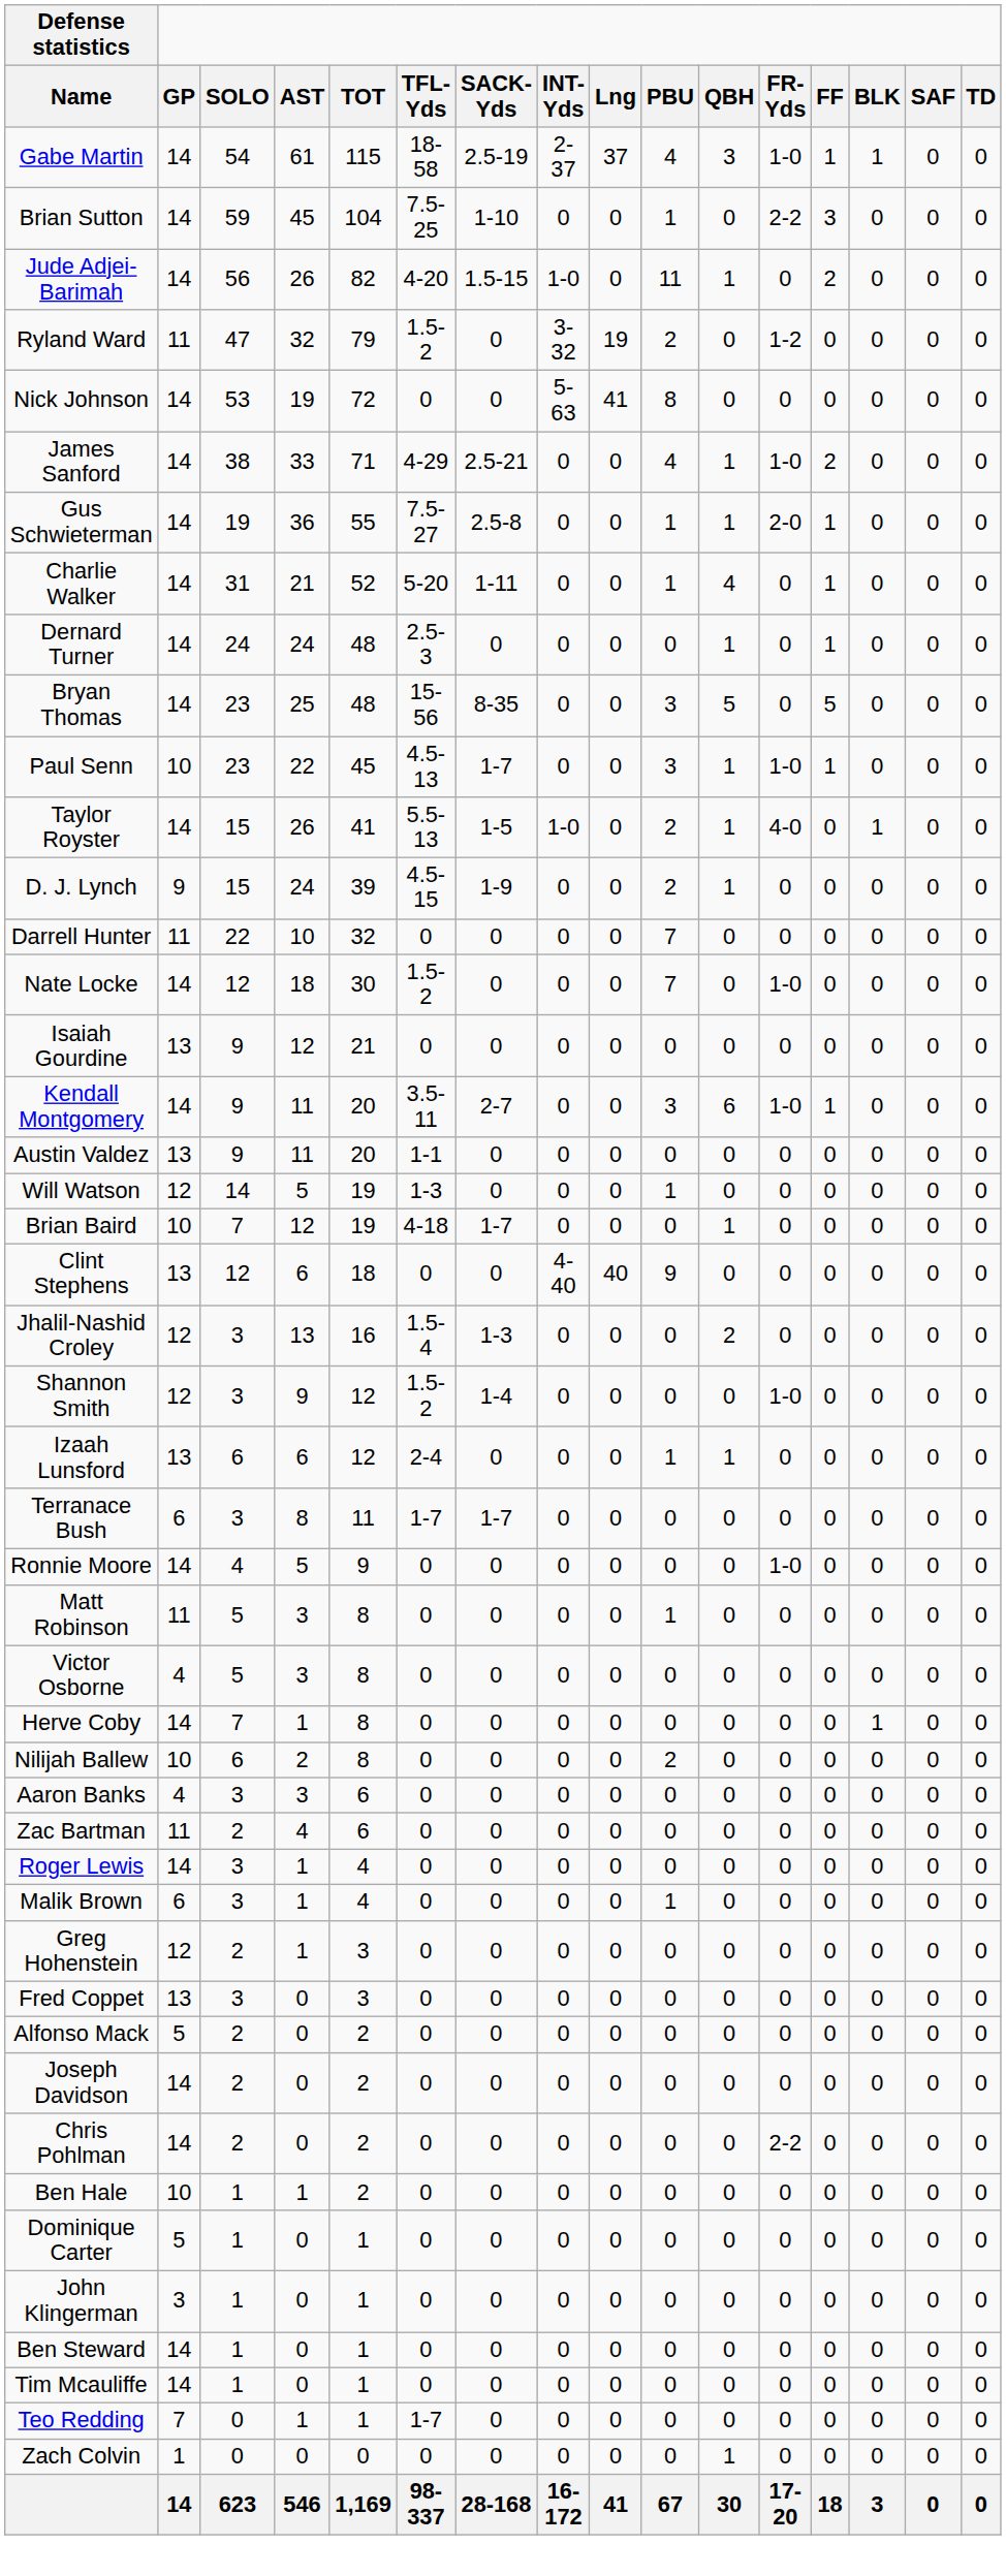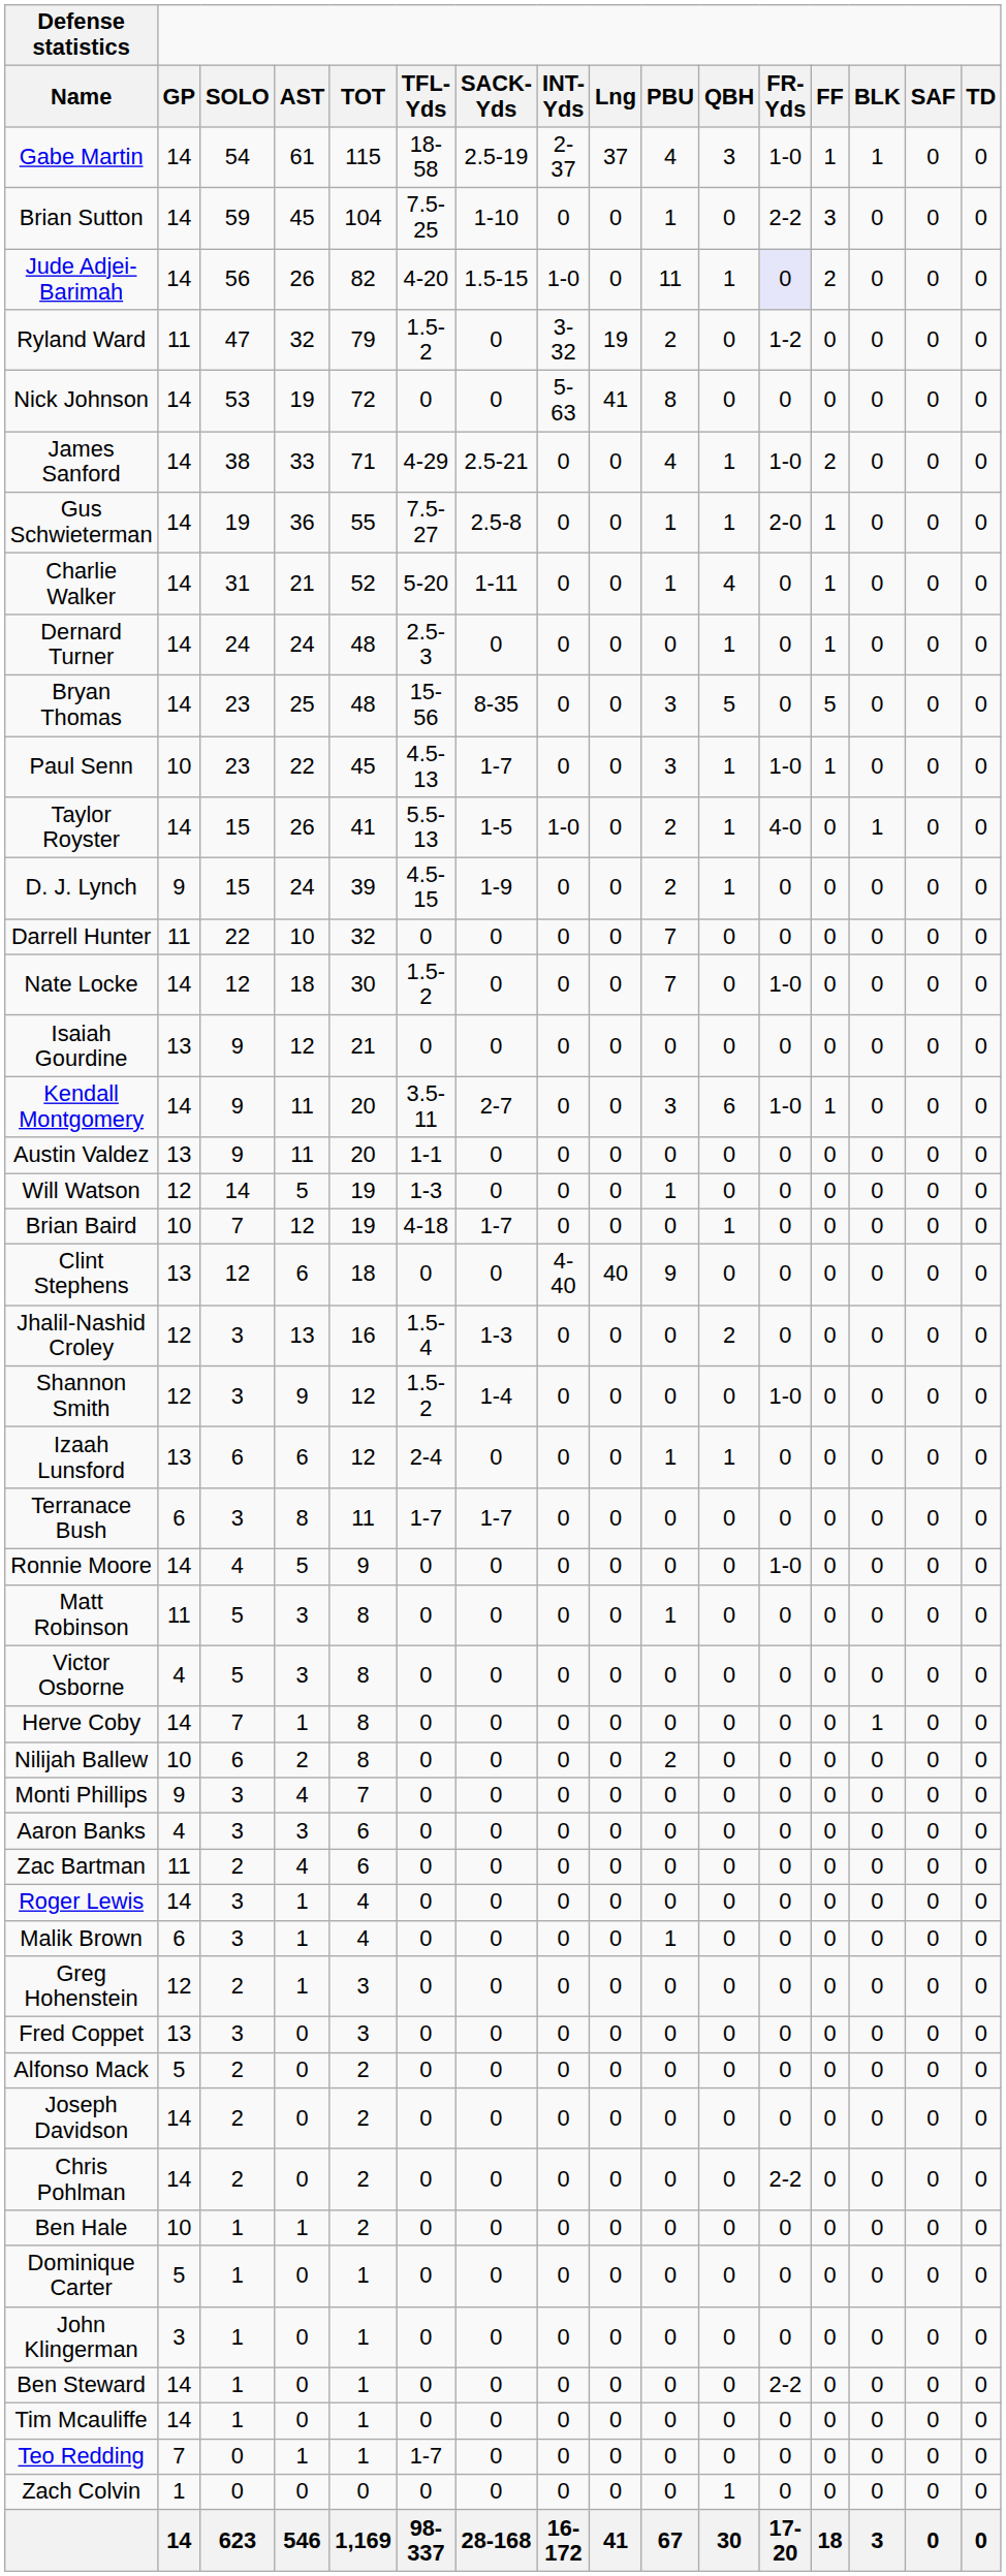 <table class="wikitable" style="text-align:center;">
 <tr>
 <th style="text-align:center; ">Defense statistics</th>
 </tr>
 <tr>
 <th>Name</th>
 <th>GP</th>
 <th>SOLO</th>
 <th>AST</th>
 <th>TOT</th>
 <th>TFL-Yds</th>
 <th>SACK-Yds</th>
 <th>INT-Yds</th>
 <th>Lng</th>
 <th>PBU</th>
 <th>QBH</th>
 <th>FR-Yds</th>
 <th>FF</th>
 <th>BLK</th>
 <th>SAF</th>
 <th>TD</th>
 </tr>
 <tr>
 <td><a href='#'>Gabe Martin</a></td>
 <td>14</td>
 <td>54</td>
 <td>61</td>
 <td>115</td>
 <td>18-58</td>
 <td>2.5-19</td>
 <td>2-37</td>
 <td>37</td>
 <td>4</td>
 <td>3</td>
 <td>1-0</td>
 <td>1</td>
 <td>1</td>
 <td>0</td>
 <td>0</td>
 </tr>
 <tr>
 <td>Brian Sutton</td>
 <td>14</td>
 <td>59</td>
 <td>45</td>
 <td>104</td>
 <td>7.5-25</td>
 <td>1-10</td>
 <td>0</td>
 <td>0</td>
 <td>1</td>
 <td>0</td>
 <td>2-2</td>
 <td>3</td>
 <td>0</td>
 <td>0</td>
 <td>0</td>
 </tr>
 <tr>
 <td><a href='#'>Jude Adjei-Barimah</a></td>
 <td>14</td>
 <td>56</td>
 <td>26</td>
 <td>82</td>
 <td>4-20</td>
 <td>1.5-15</td>
 <td>1-0</td>
 <td>0</td>
 <td>11</td>
 <td>1</td>
-<td>0</td>
+<td style="background: lavender;">0</td>
 <td>2</td>
 <td>0</td>
 <td>0</td>
 <td>0</td>
 </tr>
 <tr>
 <td>Ryland Ward</td>
 <td>11</td>
 <td>47</td>
 <td>32</td>
 <td>79</td>
 <td>1.5-2</td>
 <td>0</td>
 <td>3-32</td>
 <td>19</td>
 <td>2</td>
 <td>0</td>
 <td>1-2</td>
 <td>0</td>
 <td>0</td>
 <td>0</td>
 <td>0</td>
 </tr>
 <tr>
 <td>Nick Johnson</td>
 <td>14</td>
 <td>53</td>
 <td>19</td>
 <td>72</td>
 <td>0</td>
 <td>0</td>
 <td>5-63</td>
 <td>41</td>
 <td>8</td>
 <td>0</td>
 <td>0</td>
 <td>0</td>
 <td>0</td>
 <td>0</td>
 <td>0</td>
 </tr>
 <tr>
 <td>James Sanford</td>
 <td>14</td>
 <td>38</td>
 <td>33</td>
 <td>71</td>
 <td>4-29</td>
 <td>2.5-21</td>
 <td>0</td>
 <td>0</td>
 <td>4</td>
 <td>1</td>
 <td>1-0</td>
 <td>2</td>
 <td>0</td>
 <td>0</td>
 <td>0</td>
 </tr>
 <tr>
 <td>Gus Schwieterman</td>
 <td>14</td>
 <td>19</td>
 <td>36</td>
 <td>55</td>
 <td>7.5-27</td>
 <td>2.5-8</td>
 <td>0</td>
 <td>0</td>
 <td>1</td>
 <td>1</td>
 <td>2-0</td>
 <td>1</td>
 <td>0</td>
 <td>0</td>
 <td>0</td>
 </tr>
 <tr>
 <td>Charlie Walker</td>
 <td>14</td>
 <td>31</td>
 <td>21</td>
 <td>52</td>
 <td>5-20</td>
 <td>1-11</td>
 <td>0</td>
 <td>0</td>
 <td>1</td>
 <td>4</td>
 <td>0</td>
 <td>1</td>
 <td>0</td>
 <td>0</td>
 <td>0</td>
 </tr>
 <tr>
 <td>Dernard Turner</td>
 <td>14</td>
 <td>24</td>
 <td>24</td>
 <td>48</td>
 <td>2.5-3</td>
 <td>0</td>
 <td>0</td>
 <td>0</td>
 <td>0</td>
 <td>1</td>
 <td>0</td>
 <td>1</td>
 <td>0</td>
 <td>0</td>
 <td>0</td>
 </tr>
 <tr>
 <td>Bryan Thomas</td>
 <td>14</td>
 <td>23</td>
 <td>25</td>
 <td>48</td>
 <td>15-56</td>
 <td>8-35</td>
 <td>0</td>
 <td>0</td>
 <td>3</td>
 <td>5</td>
 <td>0</td>
 <td>5</td>
 <td>0</td>
 <td>0</td>
 <td>0</td>
 </tr>
 <tr>
 <td>Paul Senn</td>
 <td>10</td>
 <td>23</td>
 <td>22</td>
 <td>45</td>
 <td>4.5-13</td>
 <td>1-7</td>
 <td>0</td>
 <td>0</td>
 <td>3</td>
 <td>1</td>
 <td>1-0</td>
 <td>1</td>
 <td>0</td>
 <td>0</td>
 <td>0</td>
 </tr>
 <tr>
 <td>Taylor Royster</td>
 <td>14</td>
 <td>15</td>
 <td>26</td>
 <td>41</td>
 <td>5.5-13</td>
 <td>1-5</td>
 <td>1-0</td>
 <td>0</td>
 <td>2</td>
 <td>1</td>
 <td>4-0</td>
 <td>0</td>
 <td>1</td>
 <td>0</td>
 <td>0</td>
 </tr>
 <tr>
 <td>D. J. Lynch</td>
 <td>9</td>
 <td>15</td>
 <td>24</td>
 <td>39</td>
 <td>4.5-15</td>
 <td>1-9</td>
 <td>0</td>
 <td>0</td>
 <td>2</td>
 <td>1</td>
 <td>0</td>
 <td>0</td>
 <td>0</td>
 <td>0</td>
 <td>0</td>
 </tr>
 <tr>
 <td>Darrell Hunter</td>
 <td>11</td>
 <td>22</td>
 <td>10</td>
 <td>32</td>
 <td>0</td>
 <td>0</td>
 <td>0</td>
 <td>0</td>
 <td>7</td>
 <td>0</td>
 <td>0</td>
 <td>0</td>
 <td>0</td>
 <td>0</td>
 <td>0</td>
 </tr>
 <tr>
 <td>Nate Locke</td>
 <td>14</td>
 <td>12</td>
 <td>18</td>
 <td>30</td>
 <td>1.5-2</td>
 <td>0</td>
 <td>0</td>
 <td>0</td>
 <td>7</td>
 <td>0</td>
 <td>1-0</td>
 <td>0</td>
 <td>0</td>
 <td>0</td>
 <td>0</td>
 </tr>
 <tr>
 <td>Isaiah Gourdine</td>
 <td>13</td>
 <td>9</td>
 <td>12</td>
 <td>21</td>
 <td>0</td>
 <td>0</td>
 <td>0</td>
 <td>0</td>
 <td>0</td>
 <td>0</td>
 <td>0</td>
 <td>0</td>
 <td>0</td>
 <td>0</td>
 <td>0</td>
 </tr>
 <tr>
 <td><a href='#'>Kendall Montgomery</a></td>
 <td>14</td>
 <td>9</td>
 <td>11</td>
 <td>20</td>
 <td>3.5-11</td>
 <td>2-7</td>
 <td>0</td>
 <td>0</td>
 <td>3</td>
 <td>6</td>
 <td>1-0</td>
 <td>1</td>
 <td>0</td>
 <td>0</td>
 <td>0</td>
 </tr>
 <tr>
 <td>Austin Valdez</td>
 <td>13</td>
 <td>9</td>
 <td>11</td>
 <td>20</td>
 <td>1-1</td>
 <td>0</td>
 <td>0</td>
 <td>0</td>
 <td>0</td>
 <td>0</td>
 <td>0</td>
 <td>0</td>
 <td>0</td>
 <td>0</td>
 <td>0</td>
 </tr>
 <tr>
 <td>Will Watson</td>
 <td>12</td>
 <td>14</td>
 <td>5</td>
 <td>19</td>
 <td>1-3</td>
 <td>0</td>
 <td>0</td>
 <td>0</td>
 <td>1</td>
 <td>0</td>
 <td>0</td>
 <td>0</td>
 <td>0</td>
 <td>0</td>
 <td>0</td>
 </tr>
 <tr>
 <td>Brian Baird</td>
 <td>10</td>
 <td>7</td>
 <td>12</td>
 <td>19</td>
 <td>4-18</td>
 <td>1-7</td>
 <td>0</td>
 <td>0</td>
 <td>0</td>
 <td>1</td>
 <td>0</td>
 <td>0</td>
 <td>0</td>
 <td>0</td>
 <td>0</td>
 </tr>
 <tr>
 <td>Clint Stephens</td>
 <td>13</td>
 <td>12</td>
 <td>6</td>
 <td>18</td>
 <td>0</td>
 <td>0</td>
 <td>4-40</td>
 <td>40</td>
 <td>9</td>
 <td>0</td>
 <td>0</td>
 <td>0</td>
 <td>0</td>
 <td>0</td>
 <td>0</td>
 </tr>
 <tr>
 <td>Jhalil-Nashid Croley</td>
 <td>12</td>
 <td>3</td>
 <td>13</td>
 <td>16</td>
 <td>1.5-4</td>
 <td>1-3</td>
 <td>0</td>
 <td>0</td>
 <td>0</td>
 <td>2</td>
 <td>0</td>
 <td>0</td>
 <td>0</td>
 <td>0</td>
 <td>0</td>
 </tr>
 <tr>
 <td>Shannon Smith</td>
 <td>12</td>
 <td>3</td>
 <td>9</td>
 <td>12</td>
 <td>1.5-2</td>
 <td>1-4</td>
 <td>0</td>
 <td>0</td>
 <td>0</td>
 <td>0</td>
 <td>1-0</td>
 <td>0</td>
 <td>0</td>
 <td>0</td>
 <td>0</td>
 </tr>
 <tr>
 <td>Izaah Lunsford</td>
 <td>13</td>
 <td>6</td>
 <td>6</td>
 <td>12</td>
 <td>2-4</td>
 <td>0</td>
 <td>0</td>
 <td>0</td>
 <td>1</td>
 <td>1</td>
 <td>0</td>
 <td>0</td>
 <td>0</td>
 <td>0</td>
 <td>0</td>
 </tr>
 <tr>
 <td>Terranace Bush</td>
 <td>6</td>
 <td>3</td>
 <td>8</td>
 <td>11</td>
 <td>1-7</td>
 <td>1-7</td>
 <td>0</td>
 <td>0</td>
 <td>0</td>
 <td>0</td>
 <td>0</td>
 <td>0</td>
 <td>0</td>
 <td>0</td>
 <td>0</td>
 </tr>
 <tr>
 <td>Ronnie Moore</td>
 <td>14</td>
 <td>4</td>
 <td>5</td>
 <td>9</td>
 <td>0</td>
 <td>0</td>
 <td>0</td>
 <td>0</td>
 <td>0</td>
 <td>0</td>
 <td>1-0</td>
 <td>0</td>
 <td>0</td>
 <td>0</td>
 <td>0</td>
 </tr>
 <tr>
 <td>Matt Robinson</td>
 <td>11</td>
 <td>5</td>
 <td>3</td>
 <td>8</td>
 <td>0</td>
 <td>0</td>
 <td>0</td>
 <td>0</td>
 <td>1</td>
 <td>0</td>
 <td>0</td>
 <td>0</td>
 <td>0</td>
 <td>0</td>
 <td>0</td>
 </tr>
 <tr>
 <td>Victor Osborne</td>
 <td>4</td>
 <td>5</td>
 <td>3</td>
 <td>8</td>
 <td>0</td>
 <td>0</td>
 <td>0</td>
 <td>0</td>
 <td>0</td>
 <td>0</td>
 <td>0</td>
 <td>0</td>
 <td>0</td>
 <td>0</td>
 <td>0</td>
 </tr>
 <tr>
 <td>Herve Coby</td>
 <td>14</td>
 <td>7</td>
 <td>1</td>
 <td>8</td>
 <td>0</td>
 <td>0</td>
 <td>0</td>
 <td>0</td>
 <td>0</td>
 <td>0</td>
 <td>0</td>
 <td>0</td>
 <td>1</td>
 <td>0</td>
 <td>0</td>
 </tr>
 <tr>
 <td>Nilijah Ballew</td>
 <td>10</td>
 <td>6</td>
 <td>2</td>
 <td>8</td>
 <td>0</td>
 <td>0</td>
 <td>0</td>
 <td>0</td>
 <td>2</td>
 <td>0</td>
 <td>0</td>
 <td>0</td>
 <td>0</td>
 <td>0</td>
 <td>0</td>
 </tr>
 <tr>
+<td>Monti Phillips</td>
+<td>9</td>
+<td>3</td>
+<td>4</td>
+<td>7</td>
+<td>0</td>
+<td>0</td>
+<td>0</td>
+<td>0</td>
+<td>0</td>
+<td>0</td>
+<td>0</td>
+<td>0</td>
+<td>0</td>
+<td>0</td>
+<td>0</td>
+</tr>
+<tr>
 <td>Aaron Banks</td>
 <td>4</td>
 <td>3</td>
 <td>3</td>
 <td>6</td>
 <td>0</td>
 <td>0</td>
 <td>0</td>
 <td>0</td>
 <td>0</td>
 <td>0</td>
 <td>0</td>
 <td>0</td>
 <td>0</td>
 <td>0</td>
 <td>0</td>
 </tr>
 <tr>
 <td>Zac Bartman</td>
 <td>11</td>
 <td>2</td>
 <td>4</td>
 <td>6</td>
 <td>0</td>
 <td>0</td>
 <td>0</td>
 <td>0</td>
 <td>0</td>
 <td>0</td>
 <td>0</td>
 <td>0</td>
 <td>0</td>
 <td>0</td>
 <td>0</td>
 </tr>
 <tr>
 <td><a href='#'>Roger Lewis</a></td>
 <td>14</td>
 <td>3</td>
 <td>1</td>
 <td>4</td>
 <td>0</td>
 <td>0</td>
 <td>0</td>
 <td>0</td>
 <td>0</td>
 <td>0</td>
 <td>0</td>
 <td>0</td>
 <td>0</td>
 <td>0</td>
 <td>0</td>
 </tr>
 <tr>
 <td>Malik Brown</td>
 <td>6</td>
 <td>3</td>
 <td>1</td>
 <td>4</td>
 <td>0</td>
 <td>0</td>
 <td>0</td>
 <td>0</td>
 <td>1</td>
 <td>0</td>
 <td>0</td>
 <td>0</td>
 <td>0</td>
 <td>0</td>
 <td>0</td>
 </tr>
 <tr>
 <td>Greg Hohenstein</td>
 <td>12</td>
 <td>2</td>
 <td>1</td>
 <td>3</td>
 <td>0</td>
 <td>0</td>
 <td>0</td>
 <td>0</td>
 <td>0</td>
 <td>0</td>
 <td>0</td>
 <td>0</td>
 <td>0</td>
 <td>0</td>
 <td>0</td>
 </tr>
 <tr>
 <td>Fred Coppet</td>
 <td>13</td>
 <td>3</td>
 <td>0</td>
 <td>3</td>
 <td>0</td>
 <td>0</td>
 <td>0</td>
 <td>0</td>
 <td>0</td>
 <td>0</td>
 <td>0</td>
 <td>0</td>
 <td>0</td>
 <td>0</td>
 <td>0</td>
 </tr>
 <tr>
 <td>Alfonso Mack</td>
 <td>5</td>
 <td>2</td>
 <td>0</td>
 <td>2</td>
 <td>0</td>
 <td>0</td>
 <td>0</td>
 <td>0</td>
 <td>0</td>
 <td>0</td>
 <td>0</td>
 <td>0</td>
 <td>0</td>
 <td>0</td>
 <td>0</td>
 </tr>
 <tr>
 <td>Joseph Davidson</td>
 <td>14</td>
 <td>2</td>
 <td>0</td>
 <td>2</td>
 <td>0</td>
 <td>0</td>
 <td>0</td>
 <td>0</td>
 <td>0</td>
 <td>0</td>
 <td>0</td>
 <td>0</td>
 <td>0</td>
 <td>0</td>
 <td>0</td>
 </tr>
 <tr>
 <td>Chris Pohlman</td>
 <td>14</td>
 <td>2</td>
 <td>0</td>
 <td>2</td>
 <td>0</td>
 <td>0</td>
 <td>0</td>
 <td>0</td>
 <td>0</td>
 <td>0</td>
 <td>2-2</td>
 <td>0</td>
 <td>0</td>
 <td>0</td>
 <td>0</td>
 </tr>
 <tr>
 <td>Ben Hale</td>
 <td>10</td>
 <td>1</td>
 <td>1</td>
 <td>2</td>
 <td>0</td>
 <td>0</td>
 <td>0</td>
 <td>0</td>
 <td>0</td>
 <td>0</td>
 <td>0</td>
 <td>0</td>
 <td>0</td>
 <td>0</td>
 <td>0</td>
 </tr>
 <tr>
 <td>Dominique Carter</td>
 <td>5</td>
 <td>1</td>
 <td>0</td>
 <td>1</td>
 <td>0</td>
 <td>0</td>
 <td>0</td>
 <td>0</td>
 <td>0</td>
 <td>0</td>
 <td>0</td>
 <td>0</td>
 <td>0</td>
 <td>0</td>
 <td>0</td>
 </tr>
 <tr>
 <td>John Klingerman</td>
 <td>3</td>
 <td>1</td>
 <td>0</td>
 <td>1</td>
 <td>0</td>
 <td>0</td>
 <td>0</td>
 <td>0</td>
 <td>0</td>
 <td>0</td>
 <td>0</td>
 <td>0</td>
 <td>0</td>
 <td>0</td>
 <td>0</td>
 </tr>
 <tr>
 <td>Ben Steward</td>
 <td>14</td>
 <td>1</td>
 <td>0</td>
 <td>1</td>
 <td>0</td>
 <td>0</td>
 <td>0</td>
 <td>0</td>
 <td>0</td>
 <td>0</td>
-<td>0</td>
+<td>2-2</td>
 <td>0</td>
 <td>0</td>
 <td>0</td>
 <td>0</td>
 </tr>
 <tr>
 <td>Tim Mcauliffe</td>
 <td>14</td>
 <td>1</td>
 <td>0</td>
 <td>1</td>
 <td>0</td>
 <td>0</td>
 <td>0</td>
 <td>0</td>
 <td>0</td>
 <td>0</td>
 <td>0</td>
 <td>0</td>
 <td>0</td>
 <td>0</td>
 <td>0</td>
 </tr>
 <tr>
 <td><a href='#'>Teo Redding</a></td>
 <td>7</td>
 <td>0</td>
 <td>1</td>
 <td>1</td>
 <td>1-7</td>
 <td>0</td>
 <td>0</td>
 <td>0</td>
 <td>0</td>
 <td>0</td>
 <td>0</td>
 <td>0</td>
 <td>0</td>
 <td>0</td>
 <td>0</td>
 </tr>
 <tr>
 <td>Zach Colvin</td>
 <td>1</td>
 <td>0</td>
 <td>0</td>
 <td>0</td>
 <td>0</td>
 <td>0</td>
 <td>0</td>
 <td>0</td>
 <td>0</td>
 <td>1</td>
 <td>0</td>
 <td>0</td>
 <td>0</td>
 <td>0</td>
 <td>0</td>
 </tr>
 <tr>
 <th colspan="1"></th>
 <th>14</th>
 <th>623</th>
 <th>546</th>
 <th>1,169</th>
 <th>98-337</th>
 <th>28-168</th>
 <th>16-172</th>
 <th>41</th>
 <th>67</th>
 <th>30</th>
 <th>17-20</th>
 <th>18</th>
 <th>3</th>
 <th>0</th>
 <th>0</th>
 </tr>
 </table>
